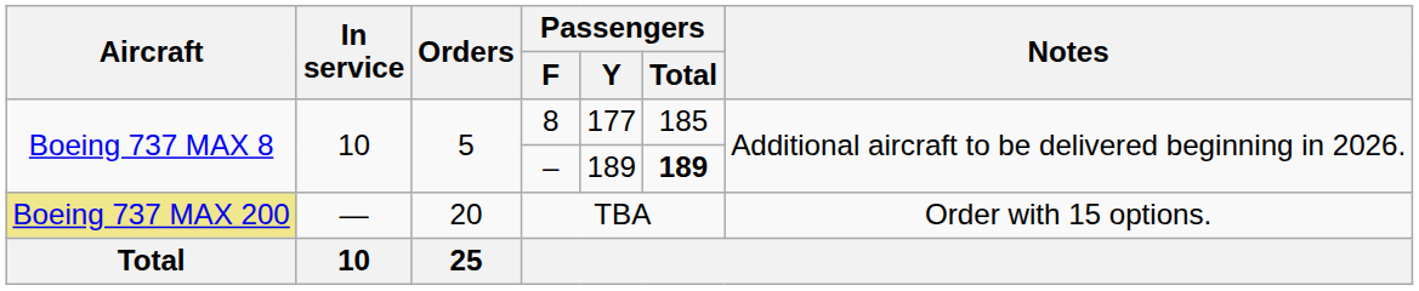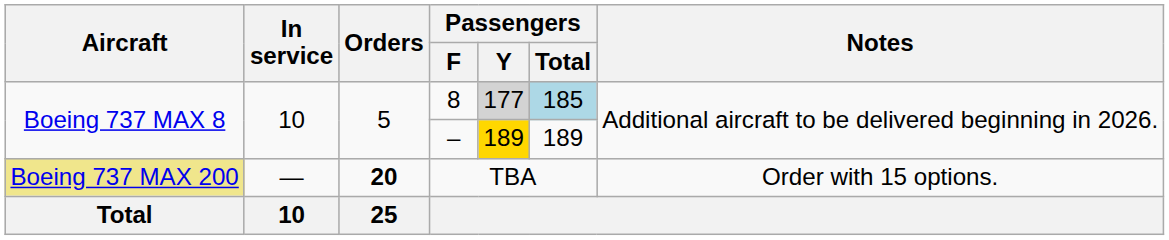 <table class="wikitable" style="margin:0.5em auto; text-align:center">
 <tr>
 <th rowspan=2>Aircraft</th>
 <th rowspan=2>In <br> service</th>
 <th rowspan=2>Orders</th>
 <th colspan=3>Passengers</th>
 <th rowspan=2>Notes</th>
 </tr>
 <tr>
 <th style="width:25px;"><abbr>F</abbr></th>
 <th style="width:25px;"><abbr>Y</abbr></th>
 <th style="width:25px;">Total</th>
 </tr>
 <tr>
 <td rowspan="2"><a href='#'>Boeing 737 MAX 8</a></td>
 <td rowspan="2">10</td>
 <td rowspan="2">5</td>
 <td>8</td>
-<td>177</td>
-<td>185</td>
+<td style="background: lightgrey;">177</td>
+<td style="background: lightblue;">185</td>
 <td rowspan="2">Additional aircraft to be delivered beginning in 2026.</td>
 </tr>
 <tr>
 <td>–</td>
+<td style="background: gold;">189</td>
 <td>189</td>
-<td><strong>189</strong></td>
 </tr>
 <tr>
 <td style="background: khaki;"><a href='#'>Boeing 737 MAX 200</a></td>
 <td>—</td>
-<td>20</td>
+<td><strong>20</strong></td>
 <td colspan="3"><abbr>TBA</abbr></td>
 <td>Order with 15 options.</td>
 </tr>
 <tr>
 <th>Total</th>
 <th>10</th>
 <th>25</th>
 <th colspan=4></th>
 </tr>
 </table>
